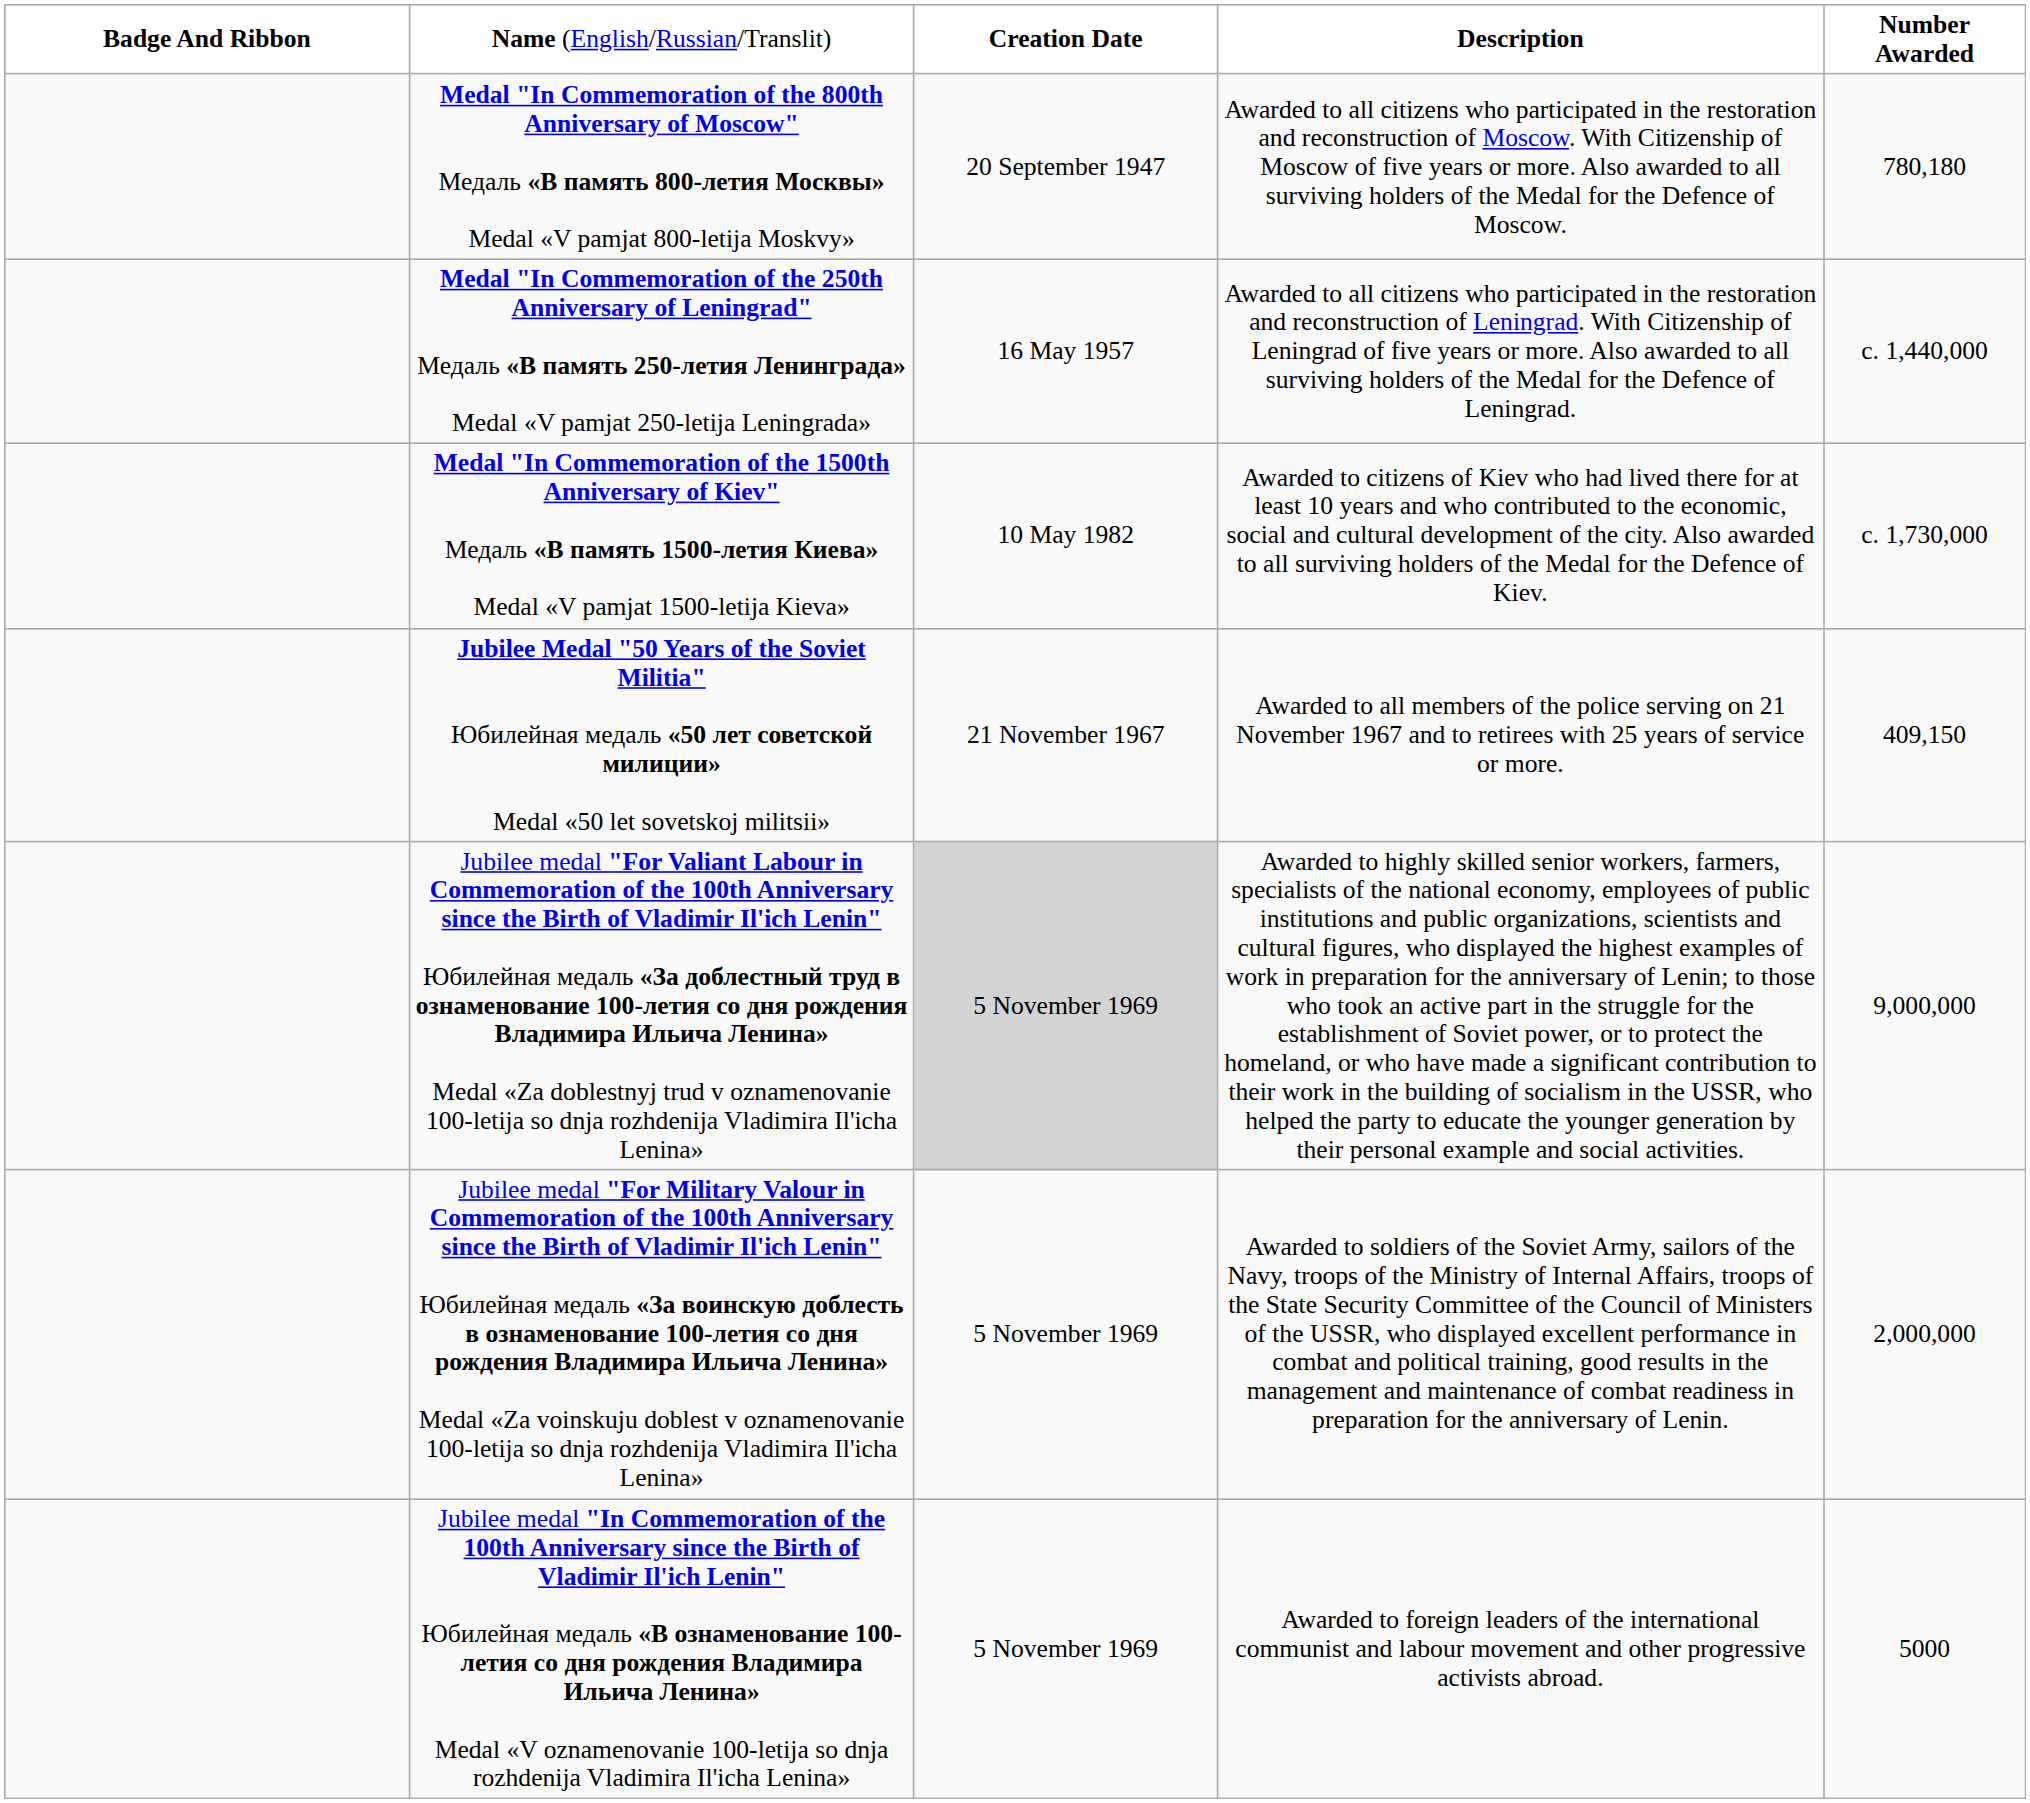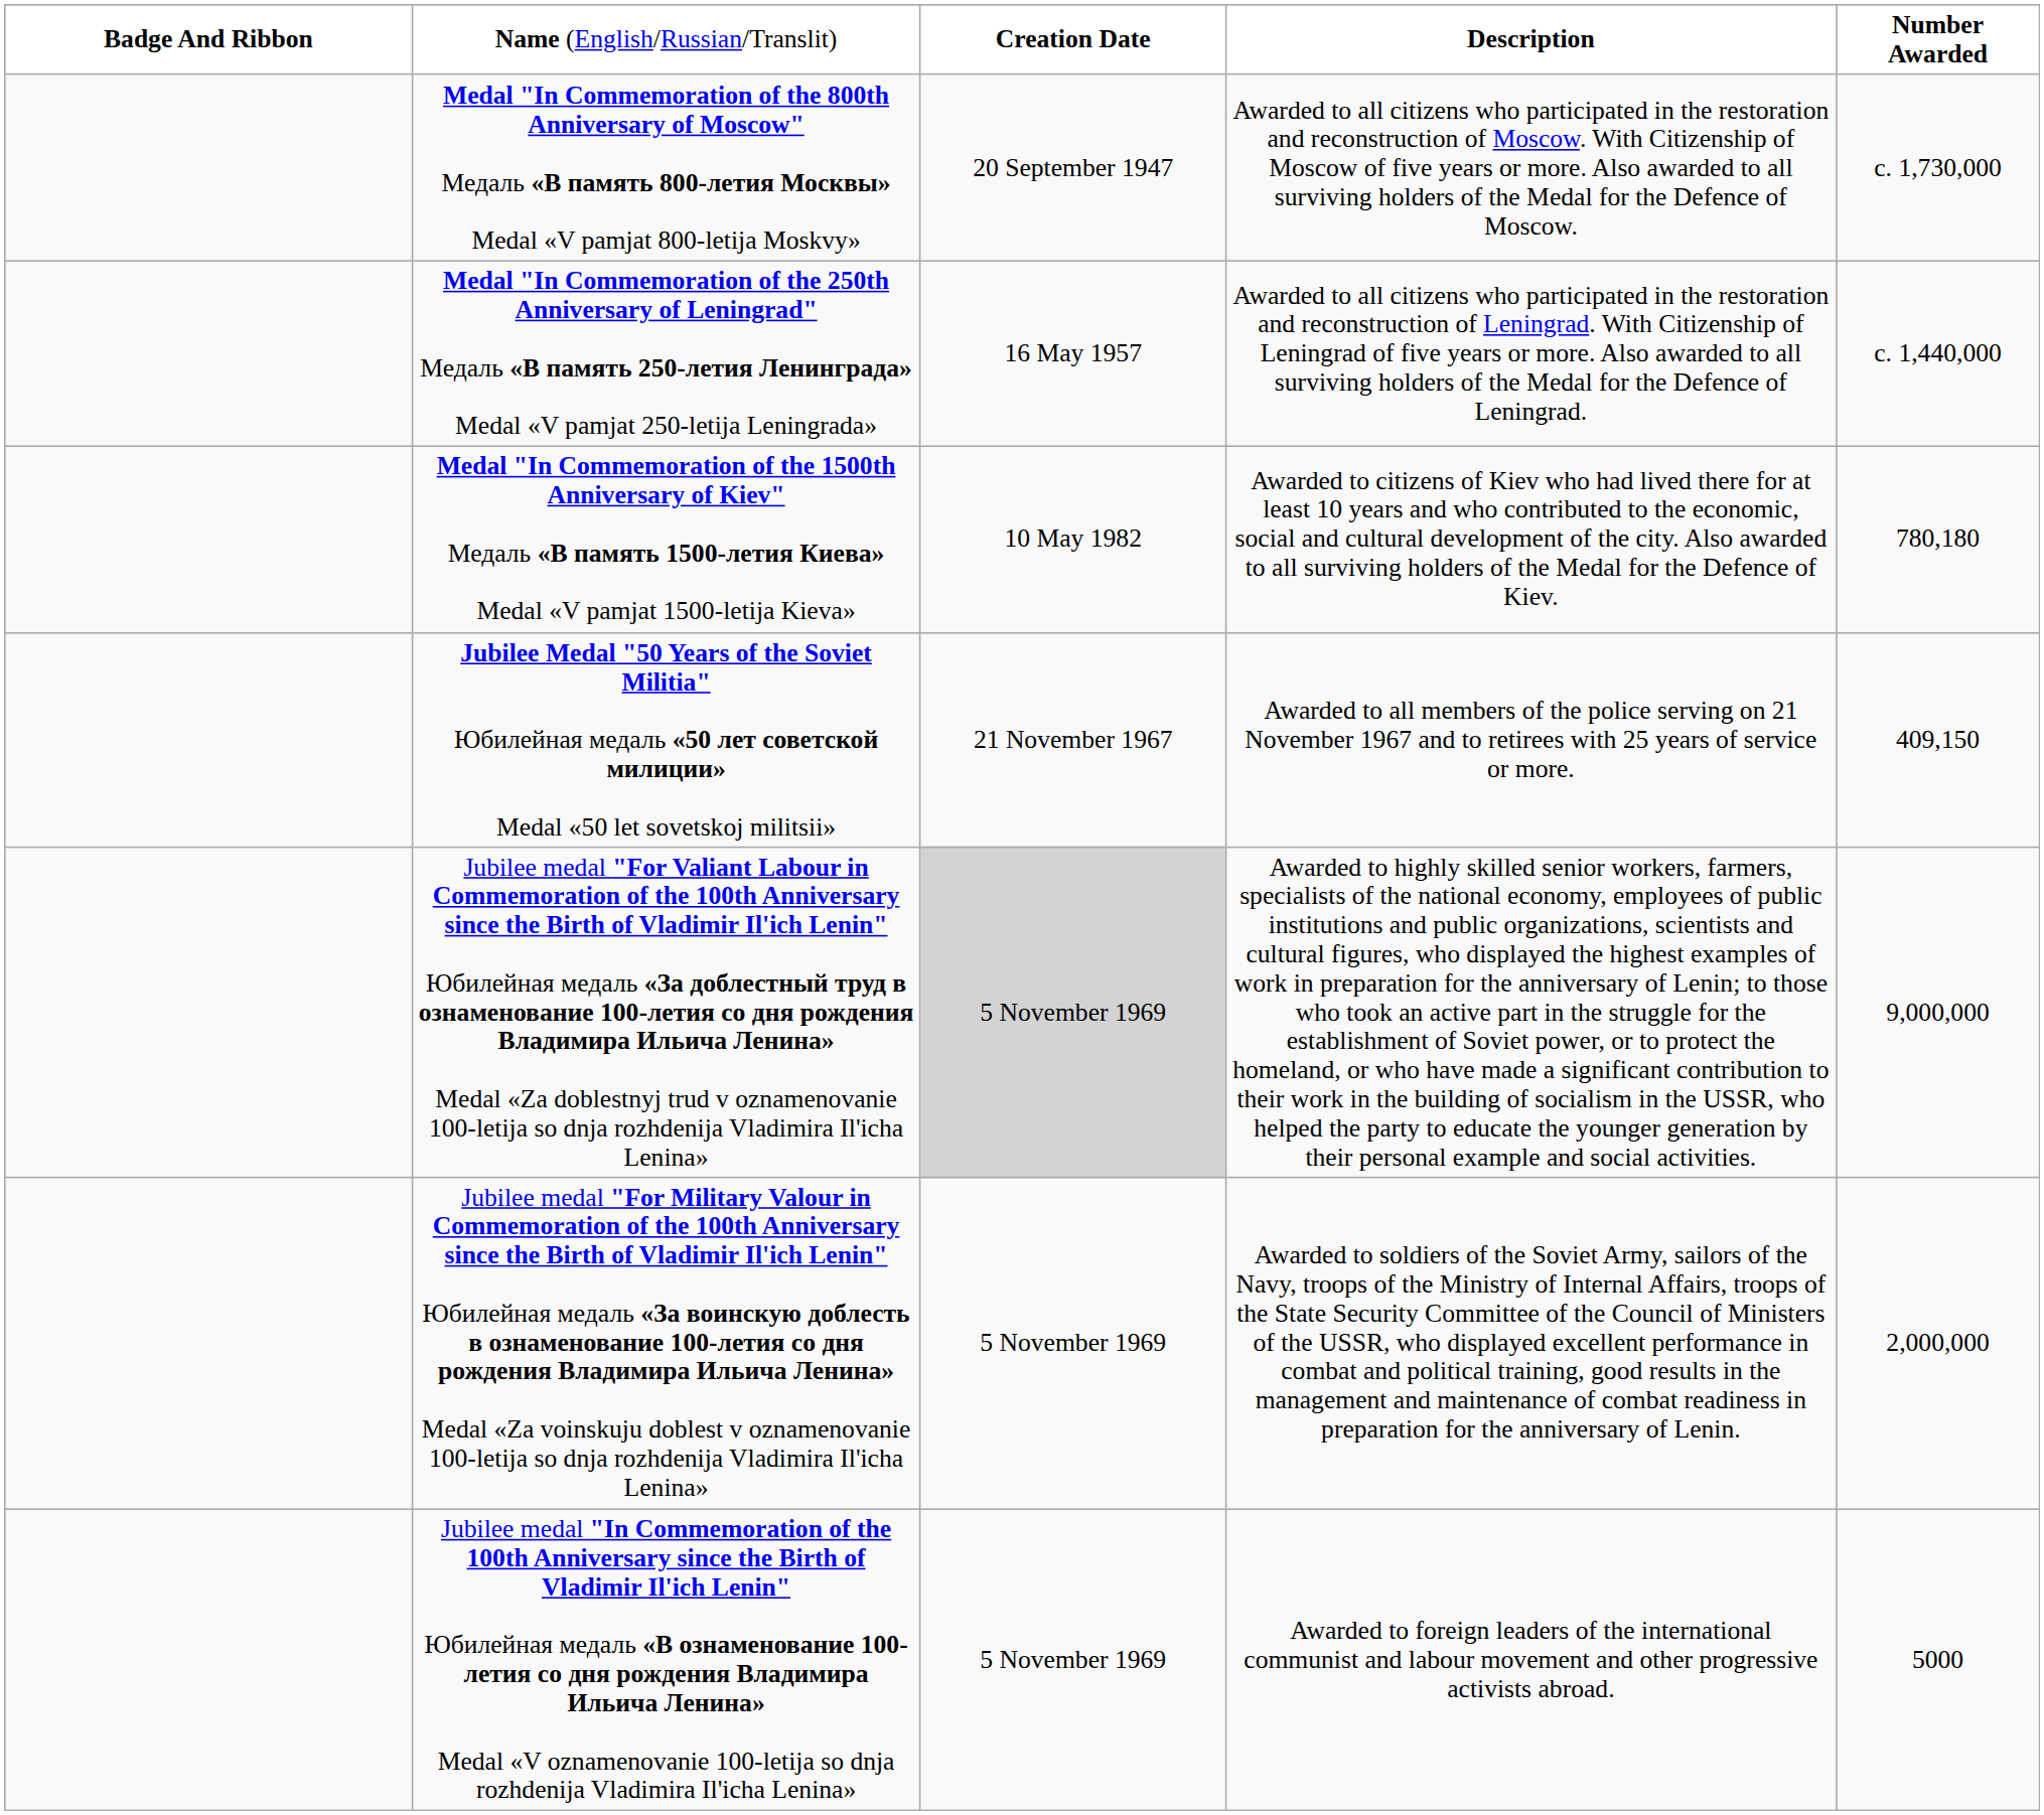 <table class="wikitable" width="100%" style="text-align:center;">
 <tr>
 <td width="20%" bgcolor="#FFFFFF"><strong>Badge And Ribbon</strong></td>
 <td width="25%" bgcolor="#FFFFFF"><strong>Name</strong> (<a href='#'>English</a>/<a href='#'>Russian</a>/Translit)</td>
 <td width="15%" bgcolor="#FFFFFF"><strong>Creation Date</strong></td>
 <td width="30%" bgcolor="#FFFFFF"><strong>Description</strong></td>
 <td width="10%" bgcolor="#FFFFFF"><strong>Number Awarded</strong></td>
 </tr>
 <tr>
 <td><br></td>
 <td><strong><a href='#'>Medal "In Commemoration of the 800th Anniversary of Moscow"</a></strong><br><br>Медаль <strong>«В память 800-летия Москвы»</strong><br><br>Medal «V pamjat 800-letija Moskvy»</td>
 <td>20 September 1947</td>
 <td>Awarded to all citizens who participated in the restoration and reconstruction of <a href='#'>Moscow</a>. With Citizenship of Moscow of five years or more. Also awarded to all surviving holders of the Medal for the Defence of Moscow.</td>
-<td>780,180</td>
+<td>c. 1,730,000</td>
 </tr>
 <tr>
 <td><br></td>
 <td><strong><a href='#'>Medal "In Commemoration of the 250th Anniversary of Leningrad"</a></strong><br><br>Медаль <strong>«В память 250-летия Ленинграда»</strong><br><br>Medal «V pamjat 250-letija Leningrada»</td>
 <td>16 May 1957</td>
 <td>Awarded to all citizens who participated in the restoration and reconstruction of <a href='#'>Leningrad</a>. With Citizenship of Leningrad of five years or more. Also awarded to all surviving holders of the Medal for the Defence of Leningrad.</td>
 <td>c. 1,440,000</td>
 </tr>
 <tr>
 <td><br></td>
 <td><strong><a href='#'>Medal "In Commemoration of the 1500th Anniversary of Kiev"</a></strong><br><br>Медаль <strong>«В память 1500-летия Киева»</strong><br><br>Medal «V pamjat 1500-letija Kieva»</td>
 <td>10 May 1982</td>
 <td>Awarded to citizens of Kiev who had lived there for at least 10 years and who contributed to the economic, social and cultural development of the city. Also awarded to all surviving holders of the Medal for the Defence of Kiev.</td>
-<td>c. 1,730,000</td>
+<td>780,180</td>
 </tr>
 <tr>
 <td><br></td>
 <td><strong><a href='#'>Jubilee Medal "50 Years of the Soviet Militia"</a></strong><br><br>Юбилейная медаль <strong>«50 лет советской милиции»</strong><br><br>Medal «50 let sovetskoj militsii»</td>
 <td>21 November 1967</td>
 <td>Awarded to all members of the police serving on 21 November 1967 and to retirees with 25 years of service or more.</td>
 <td>409,150</td>
 </tr>
 <tr>
 <td><br></td>
 <td><a href='#'>Jubilee medal <strong>"For Valiant Labour in Commemoration of the 100th Anniversary since the Birth of Vladimir Il'ich Lenin"</strong></a><br><br>Юбилейная медаль <strong>«За доблестный труд в ознаменование 100-летия со дня рождения Владимира Ильича Ленина»</strong><br><br>Medal «Za doblestnyj trud v oznamenovanie 100-letija so dnja rozhdenija Vladimira Il'icha Lenina»</td>
 <td style="background: lightgrey;">5 November 1969</td>
 <td>Awarded to highly skilled senior workers, farmers, specialists of the national economy, employees of public institutions and public organizations, scientists and cultural figures, who displayed the highest examples of work in preparation for the anniversary of Lenin; to those who took an active part in the struggle for the establishment of Soviet power, or to protect the homeland, or who have made a significant contribution to their work in the building of socialism in the USSR, who helped the party to educate the younger generation by their personal example and social activities.</td>
 <td>9,000,000</td>
 </tr>
 <tr>
 <td><br></td>
 <td><a href='#'>Jubilee medal <strong>"For Military Valour in Commemoration of the 100th Anniversary since the Birth of Vladimir Il'ich Lenin"</strong></a><br><br>Юбилейная медаль <strong>«За воинскую доблесть в ознаменование 100-летия со дня рождения Владимира Ильича Ленина»</strong><br><br>Medal «Za voinskuju doblest v oznamenovanie 100-letija so dnja rozhdenija Vladimira Il'icha Lenina»</td>
 <td>5 November 1969</td>
 <td>Awarded to soldiers of the Soviet Army, sailors of the Navy, troops of the Ministry of Internal Affairs, troops of the State Security Committee of the Council of Ministers of the USSR, who displayed excellent performance in combat and political training, good results in the management and maintenance of combat readiness in preparation for the anniversary of Lenin.</td>
 <td>2,000,000</td>
 </tr>
 <tr>
 <td><br></td>
 <td><a href='#'>Jubilee medal <strong>"In Commemoration of the 100th Anniversary since the Birth of Vladimir Il'ich Lenin"</strong></a><br><br>Юбилейная медаль <strong>«В ознаменование 100-летия со дня рождения Владимира Ильича Ленина»</strong><br><br>Medal «V oznamenovanie 100-letija so dnja rozhdenija Vladimira Il'icha Lenina»</td>
 <td>5 November 1969</td>
 <td>Awarded to foreign leaders of the international communist and labour movement and other progressive activists abroad.</td>
 <td>5000</td>
 </tr>
 </table>
